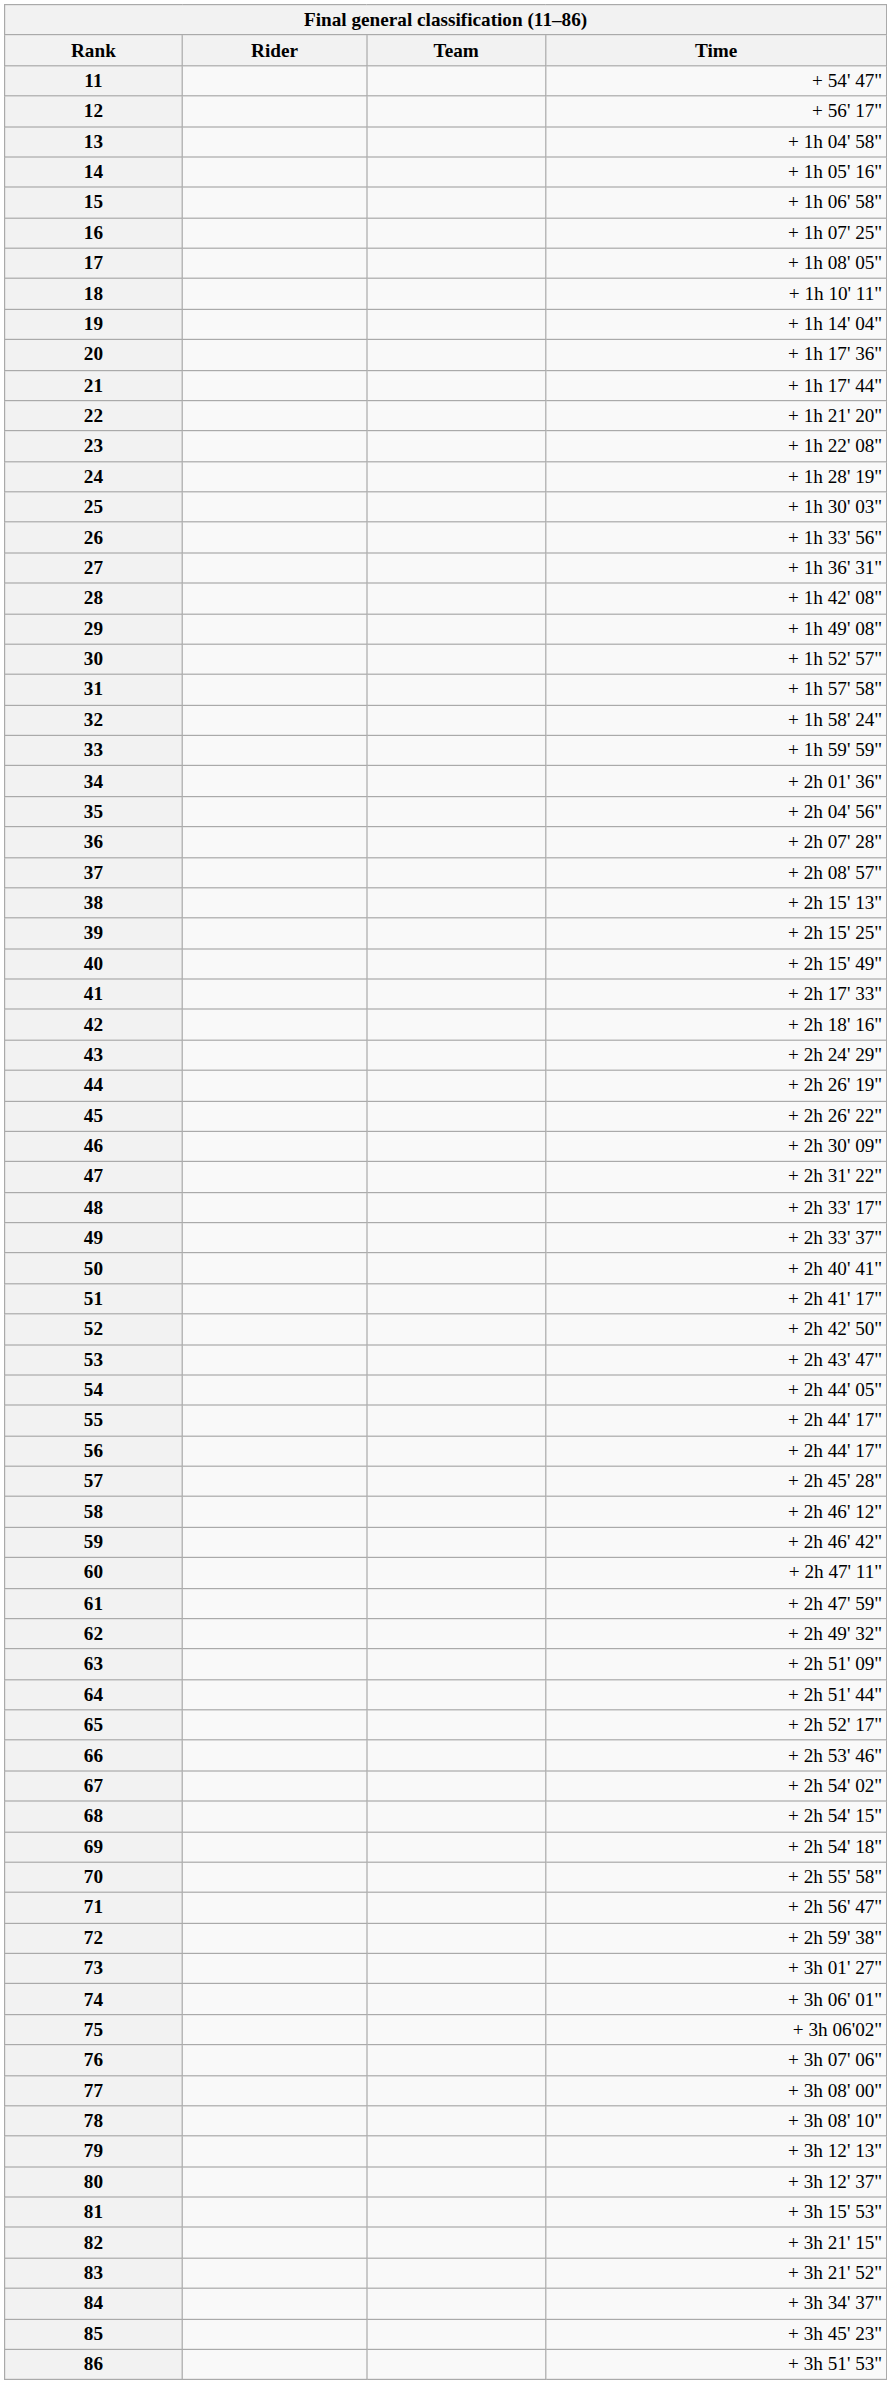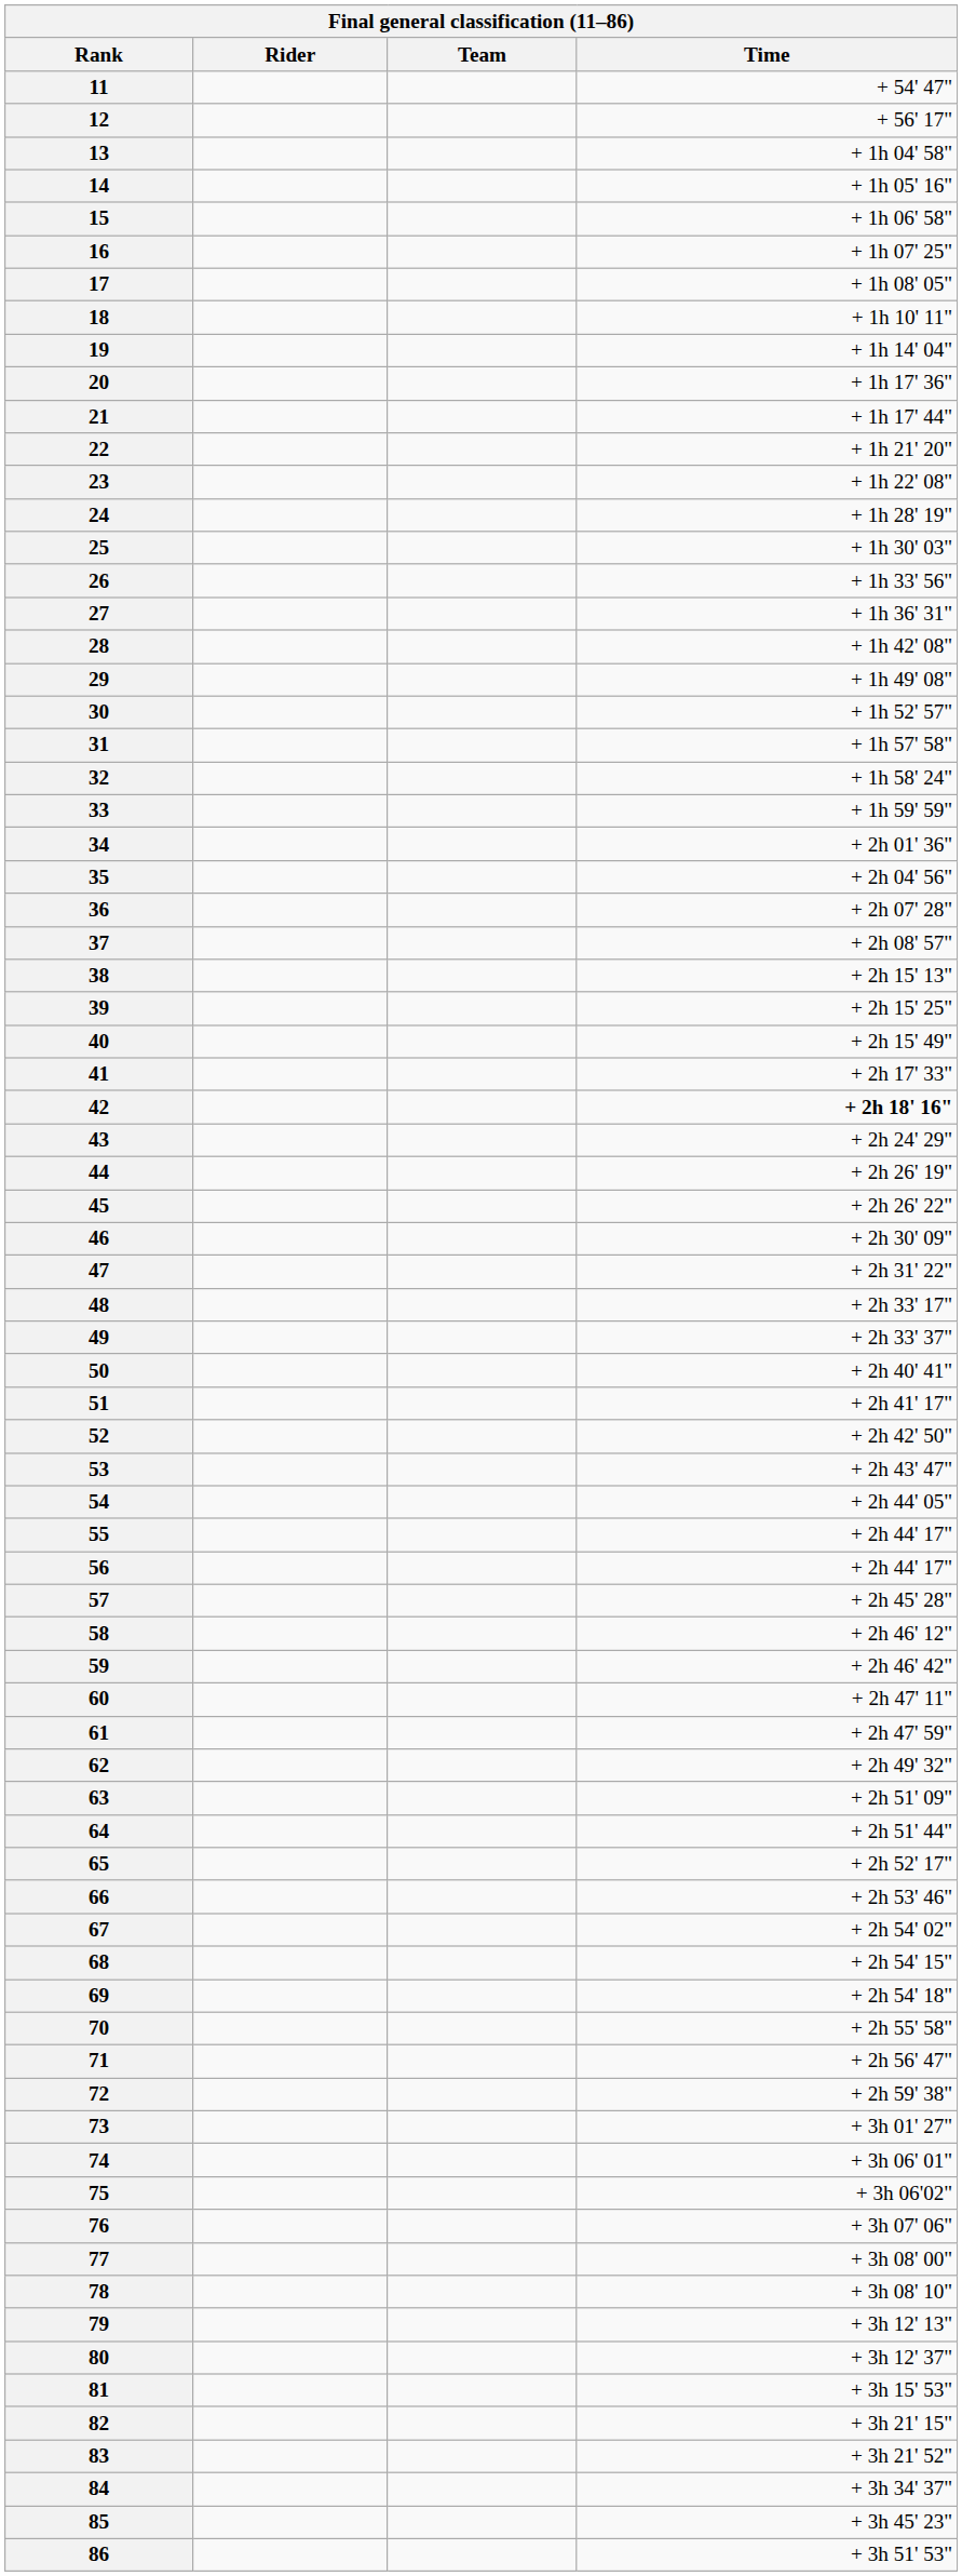 <table class="collapsible collapsed wikitable" style="width:46em;margin-top:-1px;">
 <tr>
 <th scope="col" colspan="4">Final general classification (11–86)</th>
 </tr>
 <tr>
 <th scope="col">Rank</th>
 <th scope="col">Rider</th>
 <th scope="col">Team</th>
 <th scope="col">Time</th>
 </tr>
 <tr>
 <th scope="row">11</th>
 <td></td>
 <td></td>
 <td style="text-align:right;">+ 54' 47"</td>
 </tr>
 <tr>
 <th scope="row">12</th>
 <td></td>
 <td></td>
 <td style="text-align:right;">+ 56' 17"</td>
 </tr>
 <tr>
 <th scope="row">13</th>
 <td></td>
 <td></td>
 <td style="text-align:right;">+ 1h 04' 58"</td>
 </tr>
 <tr>
 <th scope="row">14</th>
 <td></td>
 <td></td>
 <td style="text-align:right;">+ 1h 05' 16"</td>
 </tr>
 <tr>
 <th scope="row">15</th>
 <td></td>
 <td></td>
 <td style="text-align:right;">+ 1h 06' 58"</td>
 </tr>
 <tr>
 <th scope="row">16</th>
 <td></td>
 <td></td>
 <td style="text-align:right;">+ 1h 07' 25"</td>
 </tr>
 <tr>
 <th scope="row">17</th>
 <td></td>
 <td></td>
 <td style="text-align:right;">+ 1h 08' 05"</td>
 </tr>
 <tr>
 <th scope="row">18</th>
 <td></td>
 <td></td>
 <td style="text-align:right;">+ 1h 10' 11"</td>
 </tr>
 <tr>
 <th scope="row">19</th>
 <td></td>
 <td></td>
 <td style="text-align:right;">+ 1h 14' 04"</td>
 </tr>
 <tr>
 <th scope="row">20</th>
 <td></td>
 <td></td>
 <td style="text-align:right;">+ 1h 17' 36"</td>
 </tr>
 <tr>
 <th scope="row">21</th>
 <td></td>
 <td></td>
 <td style="text-align:right;">+ 1h 17' 44"</td>
 </tr>
 <tr>
 <th scope="row">22</th>
 <td></td>
 <td></td>
 <td style="text-align:right;">+ 1h 21' 20"</td>
 </tr>
 <tr>
 <th scope="row">23</th>
 <td></td>
 <td></td>
 <td style="text-align:right;">+ 1h 22' 08"</td>
 </tr>
 <tr>
 <th scope="row">24</th>
 <td></td>
 <td></td>
 <td style="text-align:right;">+ 1h 28' 19"</td>
 </tr>
 <tr>
 <th scope="row">25</th>
 <td></td>
 <td></td>
 <td style="text-align:right;">+ 1h 30' 03"</td>
 </tr>
 <tr>
 <th scope="row">26</th>
 <td></td>
 <td></td>
 <td style="text-align:right;">+ 1h 33' 56"</td>
 </tr>
 <tr>
 <th scope="row">27</th>
 <td></td>
 <td></td>
 <td style="text-align:right;">+ 1h 36' 31"</td>
 </tr>
 <tr>
 <th scope="row">28</th>
 <td></td>
 <td></td>
 <td style="text-align:right;">+ 1h 42' 08"</td>
 </tr>
 <tr>
 <th scope="row">29</th>
 <td></td>
 <td></td>
 <td style="text-align:right;">+ 1h 49' 08"</td>
 </tr>
 <tr>
 <th scope="row">30</th>
 <td></td>
 <td></td>
 <td style="text-align:right;">+ 1h 52' 57"</td>
 </tr>
 <tr>
 <th scope="row">31</th>
 <td></td>
 <td></td>
 <td style="text-align:right;">+ 1h 57' 58"</td>
 </tr>
 <tr>
 <th scope="row">32</th>
 <td></td>
 <td></td>
 <td style="text-align:right;">+ 1h 58' 24"</td>
 </tr>
 <tr>
 <th scope="row">33</th>
 <td></td>
 <td></td>
 <td style="text-align:right;">+ 1h 59' 59"</td>
 </tr>
 <tr>
 <th scope="row">34</th>
 <td></td>
 <td></td>
 <td style="text-align:right;">+ 2h 01' 36"</td>
 </tr>
 <tr>
 <th scope="row">35</th>
 <td></td>
 <td></td>
 <td style="text-align:right;">+ 2h 04' 56"</td>
 </tr>
 <tr>
 <th scope="row">36</th>
 <td></td>
 <td></td>
 <td style="text-align:right;">+ 2h 07' 28"</td>
 </tr>
 <tr>
 <th scope="row">37</th>
 <td></td>
 <td></td>
 <td style="text-align:right;">+ 2h 08' 57"</td>
 </tr>
 <tr>
 <th scope="row">38</th>
 <td></td>
 <td></td>
 <td style="text-align:right;">+ 2h 15' 13"</td>
 </tr>
 <tr>
 <th scope="row">39</th>
 <td></td>
 <td></td>
 <td style="text-align:right;">+ 2h 15' 25"</td>
 </tr>
 <tr>
 <th scope="row">40</th>
 <td></td>
 <td></td>
 <td style="text-align:right;">+ 2h 15' 49"</td>
 </tr>
 <tr>
 <th scope="row">41</th>
 <td></td>
 <td></td>
 <td style="text-align:right;">+ 2h 17' 33"</td>
 </tr>
 <tr>
 <th scope="row">42</th>
 <td></td>
 <td></td>
-<td style="text-align:right;">+ 2h 18' 16"</td>
+<td style="text-align:right;"><strong>+ 2h 18' 16"</strong></td>
 </tr>
 <tr>
 <th scope="row">43</th>
 <td></td>
 <td></td>
 <td style="text-align:right;">+ 2h 24' 29"</td>
 </tr>
 <tr>
 <th scope="row">44</th>
 <td></td>
 <td></td>
 <td style="text-align:right;">+ 2h 26' 19"</td>
 </tr>
 <tr>
 <th scope="row">45</th>
 <td></td>
 <td></td>
 <td style="text-align:right;">+ 2h 26' 22"</td>
 </tr>
 <tr>
 <th scope="row">46</th>
 <td></td>
 <td></td>
 <td style="text-align:right;">+ 2h 30' 09"</td>
 </tr>
 <tr>
 <th scope="row">47</th>
 <td></td>
 <td></td>
 <td style="text-align:right;">+ 2h 31' 22"</td>
 </tr>
 <tr>
 <th scope="row">48</th>
 <td></td>
 <td></td>
 <td style="text-align:right;">+ 2h 33' 17"</td>
 </tr>
 <tr>
 <th scope="row">49</th>
 <td></td>
 <td></td>
 <td style="text-align:right;">+ 2h 33' 37"</td>
 </tr>
 <tr>
 <th scope="row">50</th>
 <td></td>
 <td></td>
 <td style="text-align:right;">+ 2h 40' 41"</td>
 </tr>
 <tr>
 <th scope="row">51</th>
 <td></td>
 <td></td>
 <td style="text-align:right;">+ 2h 41' 17"</td>
 </tr>
 <tr>
 <th scope="row">52</th>
 <td></td>
 <td></td>
 <td style="text-align:right;">+ 2h 42' 50"</td>
 </tr>
 <tr>
 <th scope="row">53</th>
 <td></td>
 <td></td>
 <td style="text-align:right;">+ 2h 43' 47"</td>
 </tr>
 <tr>
 <th scope="row">54</th>
 <td></td>
 <td></td>
 <td style="text-align:right;">+ 2h 44' 05"</td>
 </tr>
 <tr>
 <th scope="row">55</th>
 <td></td>
 <td></td>
 <td style="text-align:right;">+ 2h 44' 17"</td>
 </tr>
 <tr>
 <th scope="row">56</th>
 <td></td>
 <td></td>
 <td style="text-align:right;">+ 2h 44' 17"</td>
 </tr>
 <tr>
 <th scope="row">57</th>
 <td></td>
 <td></td>
 <td style="text-align:right;">+ 2h 45' 28"</td>
 </tr>
 <tr>
 <th scope="row">58</th>
 <td></td>
 <td></td>
 <td style="text-align:right;">+ 2h 46' 12"</td>
 </tr>
 <tr>
 <th scope="row">59</th>
 <td></td>
 <td></td>
 <td style="text-align:right;">+ 2h 46' 42"</td>
 </tr>
 <tr>
 <th scope="row">60</th>
 <td></td>
 <td></td>
 <td style="text-align:right;">+ 2h 47' 11"</td>
 </tr>
 <tr>
 <th scope="row">61</th>
 <td></td>
 <td></td>
 <td style="text-align:right;">+ 2h 47' 59"</td>
 </tr>
 <tr>
 <th scope="row">62</th>
 <td></td>
 <td></td>
 <td style="text-align:right;">+ 2h 49' 32"</td>
 </tr>
 <tr>
 <th scope="row">63</th>
 <td></td>
 <td></td>
 <td style="text-align:right;">+ 2h 51' 09"</td>
 </tr>
 <tr>
 <th scope="row">64</th>
 <td></td>
 <td></td>
 <td style="text-align:right;">+ 2h 51' 44"</td>
 </tr>
 <tr>
 <th scope="row">65</th>
 <td></td>
 <td></td>
 <td style="text-align:right;">+ 2h 52' 17"</td>
 </tr>
 <tr>
 <th scope="row">66</th>
 <td></td>
 <td></td>
 <td style="text-align:right;">+ 2h 53' 46"</td>
 </tr>
 <tr>
 <th scope="row">67</th>
 <td></td>
 <td></td>
 <td style="text-align:right;">+ 2h 54' 02"</td>
 </tr>
 <tr>
 <th scope="row">68</th>
 <td></td>
 <td></td>
 <td style="text-align:right;">+ 2h 54' 15"</td>
 </tr>
 <tr>
 <th scope="row">69</th>
 <td></td>
 <td></td>
 <td style="text-align:right;">+ 2h 54' 18"</td>
 </tr>
 <tr>
 <th scope="row">70</th>
 <td></td>
 <td></td>
 <td style="text-align:right;">+ 2h 55' 58"</td>
 </tr>
 <tr>
 <th scope="row">71</th>
 <td></td>
 <td></td>
 <td style="text-align:right;">+ 2h 56' 47"</td>
 </tr>
 <tr>
 <th scope="row">72</th>
 <td></td>
 <td></td>
 <td style="text-align:right;">+ 2h 59' 38"</td>
 </tr>
 <tr>
 <th scope="row">73</th>
 <td></td>
 <td></td>
 <td style="text-align:right;">+ 3h 01' 27"</td>
 </tr>
 <tr>
 <th scope="row">74</th>
 <td></td>
 <td></td>
 <td style="text-align:right;">+ 3h 06' 01"</td>
 </tr>
 <tr>
 <th scope="row">75</th>
 <td></td>
 <td></td>
 <td style="text-align:right;">+ 3h 06'02"</td>
 </tr>
 <tr>
 <th scope="row">76</th>
 <td></td>
 <td></td>
 <td style="text-align:right;">+ 3h 07' 06"</td>
 </tr>
 <tr>
 <th scope="row">77</th>
 <td></td>
 <td></td>
 <td style="text-align:right;">+ 3h 08' 00"</td>
 </tr>
 <tr>
 <th scope="row">78</th>
 <td></td>
 <td></td>
 <td style="text-align:right;">+ 3h 08' 10"</td>
 </tr>
 <tr>
 <th scope="row">79</th>
 <td></td>
 <td></td>
 <td style="text-align:right;">+ 3h 12' 13"</td>
 </tr>
 <tr>
 <th scope="row">80</th>
 <td></td>
 <td></td>
 <td style="text-align:right;">+ 3h 12' 37"</td>
 </tr>
 <tr>
 <th scope="row">81</th>
 <td></td>
 <td></td>
 <td style="text-align:right;">+ 3h 15' 53"</td>
 </tr>
 <tr>
 <th scope="row">82</th>
 <td></td>
 <td></td>
 <td style="text-align:right;">+ 3h 21' 15"</td>
 </tr>
 <tr>
 <th scope="row">83</th>
 <td></td>
 <td></td>
 <td style="text-align:right;">+ 3h 21' 52"</td>
 </tr>
 <tr>
 <th scope="row">84</th>
 <td></td>
 <td></td>
 <td style="text-align:right;">+ 3h 34' 37"</td>
 </tr>
 <tr>
 <th scope="row">85</th>
 <td></td>
 <td></td>
 <td style="text-align:right;">+ 3h 45' 23"</td>
 </tr>
 <tr>
 <th scope="row">86</th>
 <td></td>
 <td></td>
 <td style="text-align:right;">+ 3h 51' 53"</td>
 </tr>
 </table>
